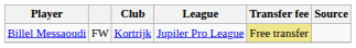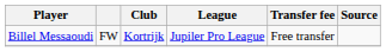 <table class="wikitable plainrowheaders sortable" style="text-align:center;font-size:95%">
 <tr>
 <th>Player</th>
 <th></th>
 <th>Club</th>
 <th>League</th>
 <th>Transfer fee</th>
 <th>Source</th>
 </tr>
 <tr>
 <td align="left"> <a href='#'>Billel Messaoudi</a></td>
 <td>FW</td>
 <td><a href='#'>Kortrijk</a></td>
 <td> <a href='#'>Jupiler Pro League</a></td>
-<td style="background: khaki;">Free transfer</td>
+<td>Free transfer</td>
 <td></td>
 </tr>
 <tr>
 </tr>
 </table>
